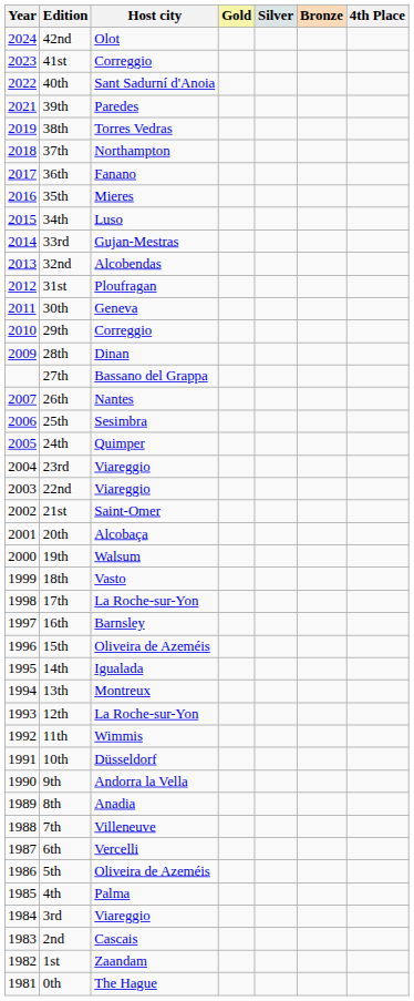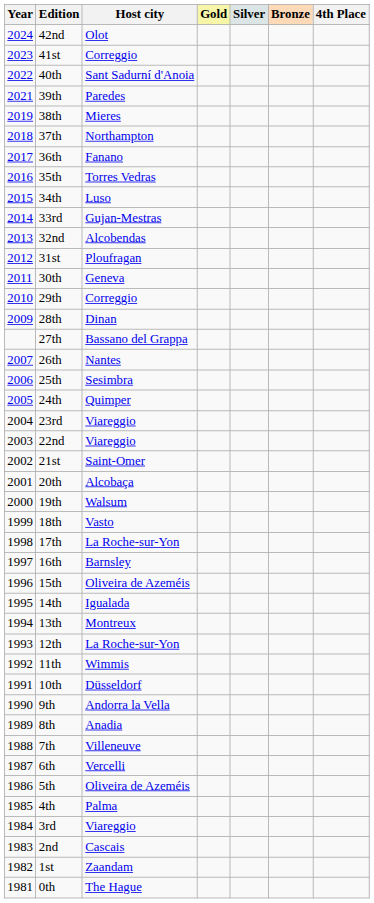 <table class="wikitable sortable">
 <tr>
 <th>Year</th>
 <th>Edition</th>
 <th>Host city</th>
 <th style="background-color: #F7F6A8;"> Gold</th>
 <th style="background-color: #DCE5E5;"> Silver</th>
 <th style="background-color: #FFDAB9;"> Bronze</th>
 <th>4th Place</th>
 </tr>
 <tr>
 <td><a href='#'>2024</a></td>
 <td>42nd</td>
 <td> <a href='#'>Olot</a></td>
 <td></td>
 <td></td>
 <td></td>
 <td></td>
 </tr>
 <tr>
 <td><a href='#'>2023</a></td>
 <td>41st</td>
 <td> <a href='#'>Correggio</a></td>
 <td></td>
 <td></td>
 <td></td>
 <td></td>
 </tr>
 <tr>
 <td><a href='#'>2022</a></td>
 <td>40th</td>
 <td> <a href='#'>Sant Sadurní d'Anoia</a></td>
 <td></td>
 <td></td>
 <td></td>
 <td></td>
 </tr>
 <tr>
 <td><a href='#'>2021</a></td>
 <td>39th</td>
 <td> <a href='#'>Paredes</a></td>
 <td></td>
 <td></td>
 <td></td>
 <td></td>
 </tr>
 <tr>
 <td><a href='#'>2019</a></td>
 <td>38th</td>
-<td> <a href='#'>Torres Vedras</a></td>
+<td> <a href='#'>Mieres</a></td>
 <td></td>
 <td></td>
 <td></td>
 <td></td>
 </tr>
 <tr>
 <td><a href='#'>2018</a></td>
 <td>37th</td>
 <td> <a href='#'>Northampton</a></td>
 <td></td>
 <td></td>
 <td></td>
 <td></td>
 </tr>
 <tr>
 <td><a href='#'>2017</a></td>
 <td>36th</td>
 <td> <a href='#'>Fanano</a></td>
 <td></td>
 <td></td>
 <td></td>
 <td></td>
 </tr>
 <tr>
 <td><a href='#'>2016</a></td>
 <td>35th</td>
-<td> <a href='#'>Mieres</a></td>
+<td> <a href='#'>Torres Vedras</a></td>
 <td></td>
 <td></td>
 <td></td>
 <td></td>
 </tr>
 <tr>
 <td><a href='#'>2015</a></td>
 <td>34th</td>
 <td> <a href='#'>Luso</a></td>
 <td></td>
 <td></td>
 <td></td>
 <td></td>
 </tr>
 <tr>
 <td><a href='#'>2014</a></td>
 <td>33rd</td>
 <td> <a href='#'>Gujan-Mestras</a></td>
 <td></td>
 <td></td>
 <td></td>
 <td></td>
 </tr>
 <tr>
 <td><a href='#'>2013</a></td>
 <td>32nd</td>
 <td> <a href='#'>Alcobendas</a></td>
 <td></td>
 <td></td>
 <td></td>
 <td></td>
 </tr>
 <tr>
 <td><a href='#'>2012</a></td>
 <td>31st</td>
 <td> <a href='#'>Ploufragan</a></td>
 <td></td>
 <td></td>
 <td></td>
 <td></td>
 </tr>
 <tr>
 <td><a href='#'>2011</a></td>
 <td>30th</td>
 <td> <a href='#'>Geneva</a></td>
 <td></td>
 <td></td>
 <td></td>
 <td></td>
 </tr>
 <tr>
 <td><a href='#'>2010</a></td>
 <td>29th</td>
 <td> <a href='#'>Correggio</a></td>
 <td></td>
 <td></td>
 <td></td>
 <td></td>
 </tr>
 <tr>
 <td><a href='#'>2009</a></td>
 <td>28th</td>
 <td> <a href='#'>Dinan</a></td>
 <td></td>
 <td></td>
 <td></td>
 <td></td>
 </tr>
 <tr>
 <td></td>
 <td>27th</td>
 <td> <a href='#'>Bassano del Grappa</a></td>
 <td></td>
 <td></td>
 <td></td>
 <td></td>
 </tr>
 <tr>
 <td><a href='#'>2007</a></td>
 <td>26th</td>
 <td> <a href='#'>Nantes</a></td>
 <td></td>
 <td></td>
 <td></td>
 <td></td>
 </tr>
 <tr>
 <td><a href='#'>2006</a></td>
 <td>25th</td>
 <td> <a href='#'>Sesimbra</a></td>
 <td></td>
 <td></td>
 <td></td>
 <td></td>
 </tr>
 <tr>
 <td><a href='#'>2005</a></td>
 <td>24th</td>
 <td> <a href='#'>Quimper</a></td>
 <td></td>
 <td></td>
 <td></td>
 <td></td>
 </tr>
 <tr>
 <td>2004</td>
 <td>23rd</td>
 <td> <a href='#'>Viareggio</a></td>
 <td></td>
 <td></td>
 <td></td>
 <td></td>
 </tr>
 <tr>
 <td>2003</td>
 <td>22nd</td>
 <td> <a href='#'>Viareggio</a></td>
 <td></td>
 <td></td>
 <td></td>
 <td></td>
 </tr>
 <tr>
 <td>2002</td>
 <td>21st</td>
 <td> <a href='#'>Saint-Omer</a></td>
 <td></td>
 <td></td>
 <td></td>
 <td></td>
 </tr>
 <tr>
 <td>2001</td>
 <td>20th</td>
 <td> <a href='#'>Alcobaça</a></td>
 <td></td>
 <td></td>
 <td></td>
 <td></td>
 </tr>
 <tr>
 <td>2000</td>
 <td>19th</td>
 <td> <a href='#'>Walsum</a></td>
 <td></td>
 <td></td>
 <td></td>
 <td></td>
 </tr>
 <tr>
 <td>1999</td>
 <td>18th</td>
 <td> <a href='#'>Vasto</a></td>
 <td></td>
 <td></td>
 <td></td>
 <td></td>
 </tr>
 <tr>
 <td>1998</td>
 <td>17th</td>
 <td> <a href='#'>La Roche-sur-Yon</a></td>
 <td></td>
 <td></td>
 <td></td>
 <td></td>
 </tr>
 <tr>
 <td>1997</td>
 <td>16th</td>
 <td> <a href='#'>Barnsley</a></td>
 <td></td>
 <td></td>
 <td></td>
 <td></td>
 </tr>
 <tr>
 <td>1996</td>
 <td>15th</td>
 <td> <a href='#'>Oliveira de Azeméis</a></td>
 <td></td>
 <td></td>
 <td></td>
 <td></td>
 </tr>
 <tr>
 <td>1995</td>
 <td>14th</td>
 <td> <a href='#'>Igualada</a></td>
 <td></td>
 <td></td>
 <td></td>
 <td></td>
 </tr>
 <tr>
 <td>1994</td>
 <td>13th</td>
 <td> <a href='#'>Montreux</a></td>
 <td></td>
 <td></td>
 <td></td>
 <td></td>
 </tr>
 <tr>
 <td>1993</td>
 <td>12th</td>
 <td> <a href='#'>La Roche-sur-Yon</a></td>
 <td></td>
 <td></td>
 <td></td>
 <td></td>
 </tr>
 <tr>
 <td>1992</td>
 <td>11th</td>
 <td> <a href='#'>Wimmis</a></td>
 <td></td>
 <td></td>
 <td></td>
 <td></td>
 </tr>
 <tr>
 <td>1991</td>
 <td>10th</td>
 <td> <a href='#'>Düsseldorf</a></td>
 <td></td>
 <td></td>
 <td></td>
 <td></td>
 </tr>
 <tr>
 <td>1990</td>
 <td>9th</td>
 <td> <a href='#'>Andorra la Vella</a></td>
 <td></td>
 <td></td>
 <td></td>
 <td></td>
 </tr>
 <tr>
 <td>1989</td>
 <td>8th</td>
 <td> <a href='#'>Anadia</a></td>
 <td></td>
 <td></td>
 <td></td>
 <td></td>
 </tr>
 <tr>
 <td>1988</td>
 <td>7th</td>
 <td> <a href='#'>Villeneuve</a></td>
 <td></td>
 <td></td>
 <td></td>
 <td></td>
 </tr>
 <tr>
 <td>1987</td>
 <td>6th</td>
 <td> <a href='#'>Vercelli</a></td>
 <td></td>
 <td></td>
 <td></td>
 <td></td>
 </tr>
 <tr>
 <td>1986</td>
 <td>5th</td>
 <td> <a href='#'>Oliveira de Azeméis</a></td>
 <td></td>
 <td></td>
 <td></td>
 <td></td>
 </tr>
 <tr>
 <td>1985</td>
 <td>4th</td>
 <td> <a href='#'>Palma</a></td>
 <td></td>
 <td></td>
 <td></td>
 <td></td>
 </tr>
 <tr>
 <td>1984</td>
 <td>3rd</td>
 <td> <a href='#'>Viareggio</a></td>
 <td></td>
 <td></td>
 <td></td>
 <td></td>
 </tr>
 <tr>
 <td>1983</td>
 <td>2nd</td>
 <td> <a href='#'>Cascais</a></td>
 <td></td>
 <td></td>
 <td></td>
 <td></td>
 </tr>
 <tr>
 <td>1982</td>
 <td>1st</td>
 <td> <a href='#'>Zaandam</a></td>
 <td></td>
 <td></td>
 <td></td>
 <td></td>
 </tr>
 <tr>
 <td>1981</td>
 <td>0th</td>
 <td> <a href='#'>The Hague</a></td>
 <td></td>
 <td></td>
 <td></td>
 <td></td>
 </tr>
 </table>
